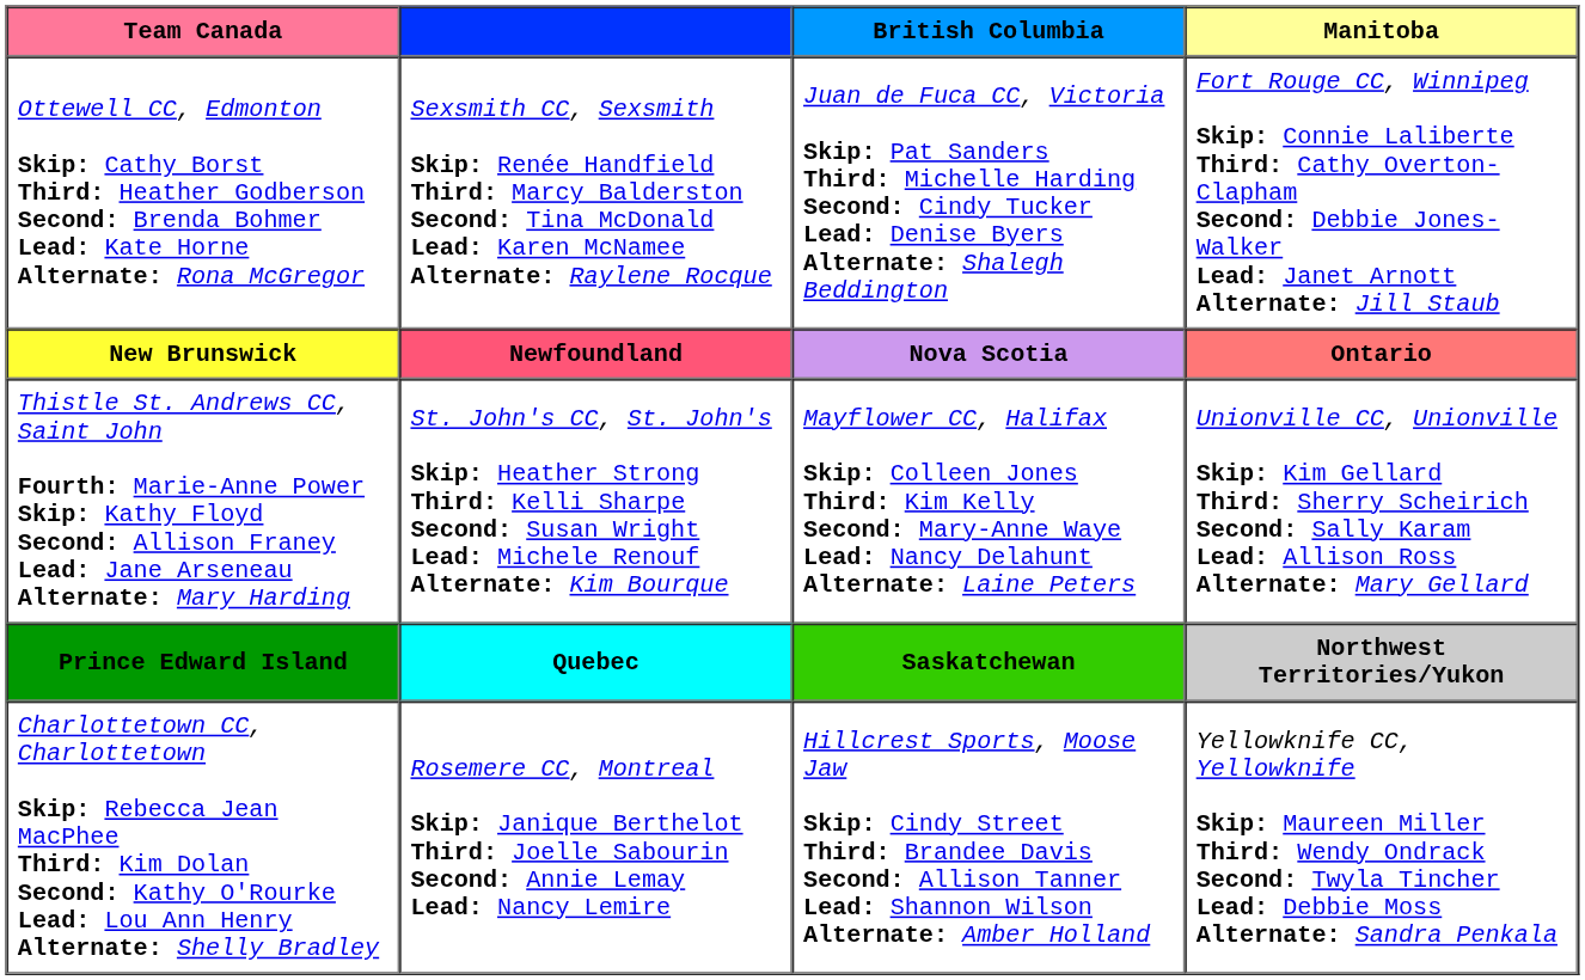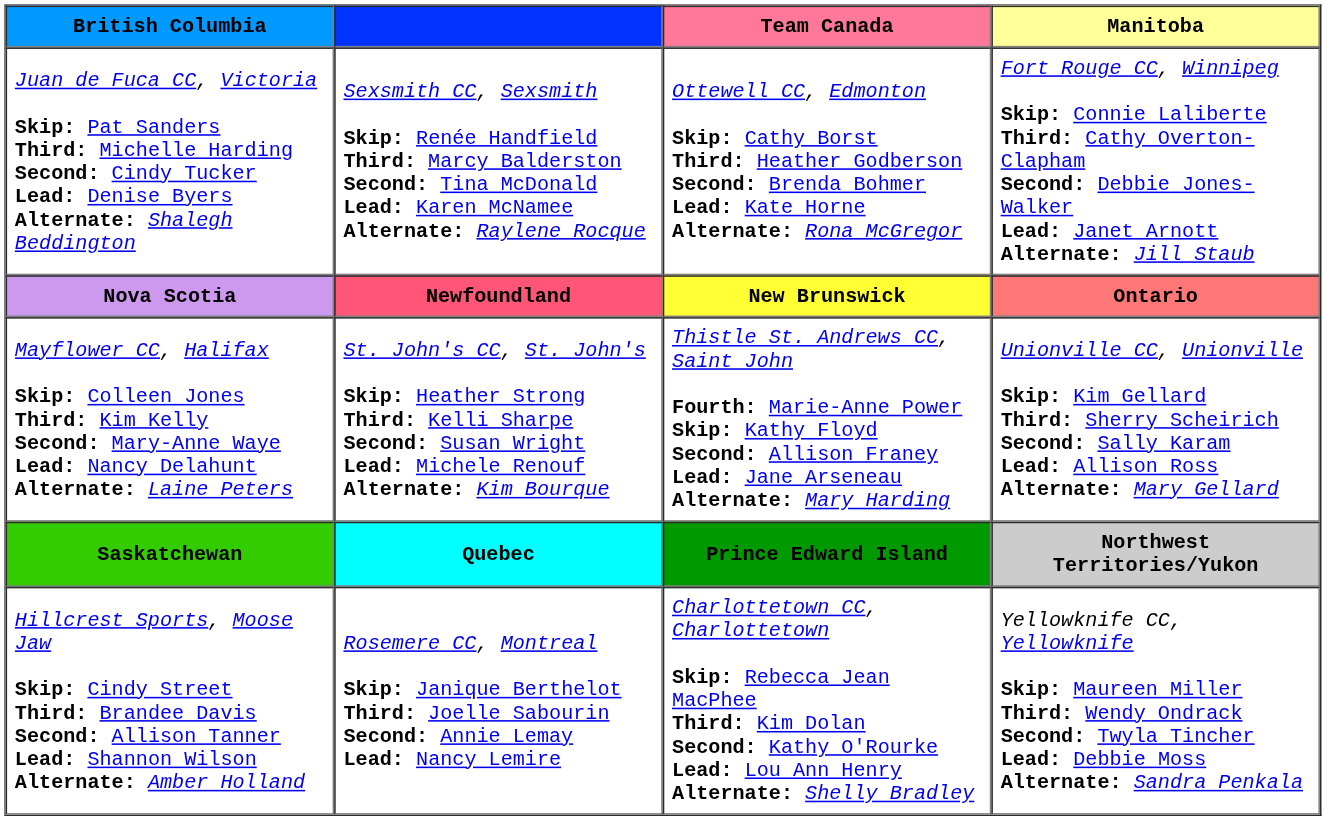 <table border=1 cellpadding=5 cellspacing=0>
 <tr>
+<th bgcolor="#0099ff" width="200">British Columbia</th>
+<th bgcolor="#0033ff" width="200"></th>
 <th bgcolor="#ff7799" width="200">Team Canada</th>
-<th bgcolor="#0033ff" width="200"></th>
-<th bgcolor="#0099ff" width="200">British Columbia</th>
 <th bgcolor="#ffff99" width="200">Manitoba</th>
 </tr>
 <tr align=center>
+<td align=left><em><a href='#'>Juan de Fuca CC</a>, <a href='#'>Victoria</a></em><br><br><strong>Skip:</strong> <a href='#'>Pat Sanders</a><br> <strong>Third:</strong> <a href='#'>Michelle Harding</a><br> <strong>Second:</strong> <a href='#'>Cindy Tucker</a><br> <strong>Lead:</strong> <a href='#'>Denise Byers</a><br> <strong>Alternate:</strong> <em><a href='#'>Shalegh Beddington</a></em></td>
+<td align=left><em><a href='#'>Sexsmith CC</a>, <a href='#'>Sexsmith</a></em><br><br><strong>Skip:</strong> <a href='#'>Renée Handfield</a><br> <strong>Third:</strong> <a href='#'>Marcy Balderston</a><br> <strong>Second:</strong> <a href='#'>Tina McDonald</a><br> <strong>Lead:</strong> <a href='#'>Karen McNamee</a><br> <strong>Alternate:</strong> <em><a href='#'>Raylene Rocque</a></em></td>
 <td align=left><em><a href='#'>Ottewell CC</a>, <a href='#'>Edmonton</a></em><br><br><strong>Skip:</strong> <a href='#'>Cathy Borst</a><br> <strong>Third:</strong> <a href='#'>Heather Godberson</a><br> <strong>Second:</strong> <a href='#'>Brenda Bohmer</a><br> <strong>Lead:</strong> <a href='#'>Kate Horne</a><br> <strong>Alternate:</strong> <em><a href='#'>Rona McGregor</a></em></td>
-<td align=left><em><a href='#'>Sexsmith CC</a>, <a href='#'>Sexsmith</a></em><br><br><strong>Skip:</strong> <a href='#'>Renée Handfield</a><br> <strong>Third:</strong> <a href='#'>Marcy Balderston</a><br> <strong>Second:</strong> <a href='#'>Tina McDonald</a><br> <strong>Lead:</strong> <a href='#'>Karen McNamee</a><br> <strong>Alternate:</strong> <em><a href='#'>Raylene Rocque</a></em></td>
-<td align=left><em><a href='#'>Juan de Fuca CC</a>, <a href='#'>Victoria</a></em><br><br><strong>Skip:</strong> <a href='#'>Pat Sanders</a><br> <strong>Third:</strong> <a href='#'>Michelle Harding</a><br> <strong>Second:</strong> <a href='#'>Cindy Tucker</a><br> <strong>Lead:</strong> <a href='#'>Denise Byers</a><br> <strong>Alternate:</strong> <em><a href='#'>Shalegh Beddington</a></em></td>
 <td align=left><em><a href='#'>Fort Rouge CC</a>, <a href='#'>Winnipeg</a></em><br><br><strong>Skip:</strong> <a href='#'>Connie Laliberte</a><br> <strong>Third:</strong> <a href='#'>Cathy Overton-Clapham</a><br> <strong>Second:</strong> <a href='#'>Debbie Jones-Walker</a><br> <strong>Lead:</strong> <a href='#'>Janet Arnott</a><br> <strong>Alternate:</strong> <em><a href='#'>Jill Staub</a></em></td>
 </tr>
 <tr border=1 cellpadding=5 cellspacing=0>
+<th bgcolor="#cc99ee" width="200">Nova Scotia</th>
+<th bgcolor="#ff5577" width="200">Newfoundland</th>
 <th bgcolor="#ffff33" width="200">New Brunswick</th>
-<th bgcolor="#ff5577" width="200">Newfoundland</th>
-<th bgcolor="#cc99ee" width="200">Nova Scotia</th>
 <th bgcolor="#ff7777" width="200">Ontario</th>
 </tr>
 <tr align=center>
+<td align=left><em><a href='#'>Mayflower CC</a>, <a href='#'>Halifax</a></em><br><br><strong>Skip:</strong> <a href='#'>Colleen Jones</a><br> <strong>Third:</strong> <a href='#'>Kim Kelly</a><br> <strong>Second:</strong> <a href='#'>Mary-Anne Waye</a><br> <strong>Lead:</strong> <a href='#'>Nancy Delahunt</a><br> <strong>Alternate:</strong> <em><a href='#'>Laine Peters</a></em></td>
+<td align=left><em><a href='#'>St. John's CC</a>, <a href='#'>St. John's</a></em><br><br><strong>Skip:</strong> <a href='#'>Heather Strong</a><br> <strong>Third:</strong> <a href='#'>Kelli Sharpe</a><br> <strong>Second:</strong> <a href='#'>Susan Wright</a><br> <strong>Lead:</strong> <a href='#'>Michele Renouf</a><br> <strong>Alternate:</strong> <em><a href='#'>Kim Bourque</a></em></td>
 <td align=left><em><a href='#'>Thistle St. Andrews CC</a>, <a href='#'>Saint John</a></em><br><br><strong>Fourth:</strong> <a href='#'>Marie-Anne Power</a><br> <strong>Skip:</strong> <a href='#'>Kathy Floyd</a><br> <strong>Second:</strong> <a href='#'>Allison Franey</a><br> <strong>Lead:</strong> <a href='#'>Jane Arseneau</a><br> <strong>Alternate:</strong> <em><a href='#'>Mary Harding</a></em></td>
-<td align=left><em><a href='#'>St. John's CC</a>, <a href='#'>St. John's</a></em><br><br><strong>Skip:</strong> <a href='#'>Heather Strong</a><br> <strong>Third:</strong> <a href='#'>Kelli Sharpe</a><br> <strong>Second:</strong> <a href='#'>Susan Wright</a><br> <strong>Lead:</strong> <a href='#'>Michele Renouf</a><br> <strong>Alternate:</strong> <em><a href='#'>Kim Bourque</a></em></td>
-<td align=left><em><a href='#'>Mayflower CC</a>, <a href='#'>Halifax</a></em><br><br><strong>Skip:</strong> <a href='#'>Colleen Jones</a><br> <strong>Third:</strong> <a href='#'>Kim Kelly</a><br> <strong>Second:</strong> <a href='#'>Mary-Anne Waye</a><br> <strong>Lead:</strong> <a href='#'>Nancy Delahunt</a><br> <strong>Alternate:</strong> <em><a href='#'>Laine Peters</a></em></td>
 <td align=left><em><a href='#'>Unionville CC</a>, <a href='#'>Unionville</a></em><br><br><strong>Skip:</strong> <a href='#'>Kim Gellard</a><br> <strong>Third:</strong> <a href='#'>Sherry Scheirich</a><br> <strong>Second:</strong> <a href='#'>Sally Karam</a><br> <strong>Lead:</strong> <a href='#'>Allison Ross</a><br> <strong>Alternate:</strong> <em><a href='#'>Mary Gellard</a></em></td>
 </tr>
 <tr border=1 cellpadding=5 cellspacing=0>
+<th bgcolor="#33cc00" width="200">Saskatchewan</th>
+<th bgcolor="#00ffff" width="200">Quebec</th>
 <th bgcolor="#009900" width="200">Prince Edward Island</th>
-<th bgcolor="#00ffff" width="200">Quebec</th>
-<th bgcolor="#33cc00" width="200">Saskatchewan</th>
 <th bgcolor="#cccccc" width="200">Northwest Territories/Yukon</th>
 </tr>
 <tr align=center>
+<td align=left><em><a href='#'>Hillcrest Sports</a>, <a href='#'>Moose Jaw</a></em><br><br><strong>Skip:</strong> <a href='#'>Cindy Street</a><br> <strong>Third:</strong> <a href='#'>Brandee Davis</a><br> <strong>Second:</strong> <a href='#'>Allison Tanner</a><br> <strong>Lead:</strong> <a href='#'>Shannon Wilson</a><br> <strong>Alternate:</strong> <em><a href='#'>Amber Holland</a></em></td>
+<td align=left><em><a href='#'>Rosemere CC</a>, <a href='#'>Montreal</a></em><br><br><strong>Skip:</strong> <a href='#'>Janique Berthelot</a><br> <strong>Third:</strong> <a href='#'>Joelle Sabourin</a><br> <strong>Second:</strong> <a href='#'>Annie Lemay</a><br> <strong>Lead:</strong> <a href='#'>Nancy Lemire</a><br></td>
 <td align=left><em><a href='#'>Charlottetown CC</a>, <a href='#'>Charlottetown</a></em><br><br><strong>Skip:</strong> <a href='#'>Rebecca Jean MacPhee</a><br> <strong>Third:</strong> <a href='#'>Kim Dolan</a><br> <strong>Second:</strong> <a href='#'>Kathy O'Rourke</a><br> <strong>Lead:</strong> <a href='#'>Lou Ann Henry</a><br> <strong>Alternate:</strong> <em><a href='#'>Shelly Bradley</a></em></td>
-<td align=left><em><a href='#'>Rosemere CC</a>, <a href='#'>Montreal</a></em><br><br><strong>Skip:</strong> <a href='#'>Janique Berthelot</a><br> <strong>Third:</strong> <a href='#'>Joelle Sabourin</a><br> <strong>Second:</strong> <a href='#'>Annie Lemay</a><br> <strong>Lead:</strong> <a href='#'>Nancy Lemire</a><br></td>
-<td align=left><em><a href='#'>Hillcrest Sports</a>, <a href='#'>Moose Jaw</a></em><br><br><strong>Skip:</strong> <a href='#'>Cindy Street</a><br> <strong>Third:</strong> <a href='#'>Brandee Davis</a><br> <strong>Second:</strong> <a href='#'>Allison Tanner</a><br> <strong>Lead:</strong> <a href='#'>Shannon Wilson</a><br> <strong>Alternate:</strong> <em><a href='#'>Amber Holland</a></em></td>
 <td align=left><em>Yellowknife CC, <a href='#'>Yellowknife</a></em><br><br><strong>Skip:</strong> <a href='#'>Maureen Miller</a><br> <strong>Third:</strong> <a href='#'>Wendy Ondrack</a><br> <strong>Second:</strong> <a href='#'>Twyla Tincher</a><br> <strong>Lead:</strong> <a href='#'>Debbie Moss</a><br> <strong>Alternate:</strong> <em><a href='#'>Sandra Penkala</a></em></td>
 </tr>
 </table>
